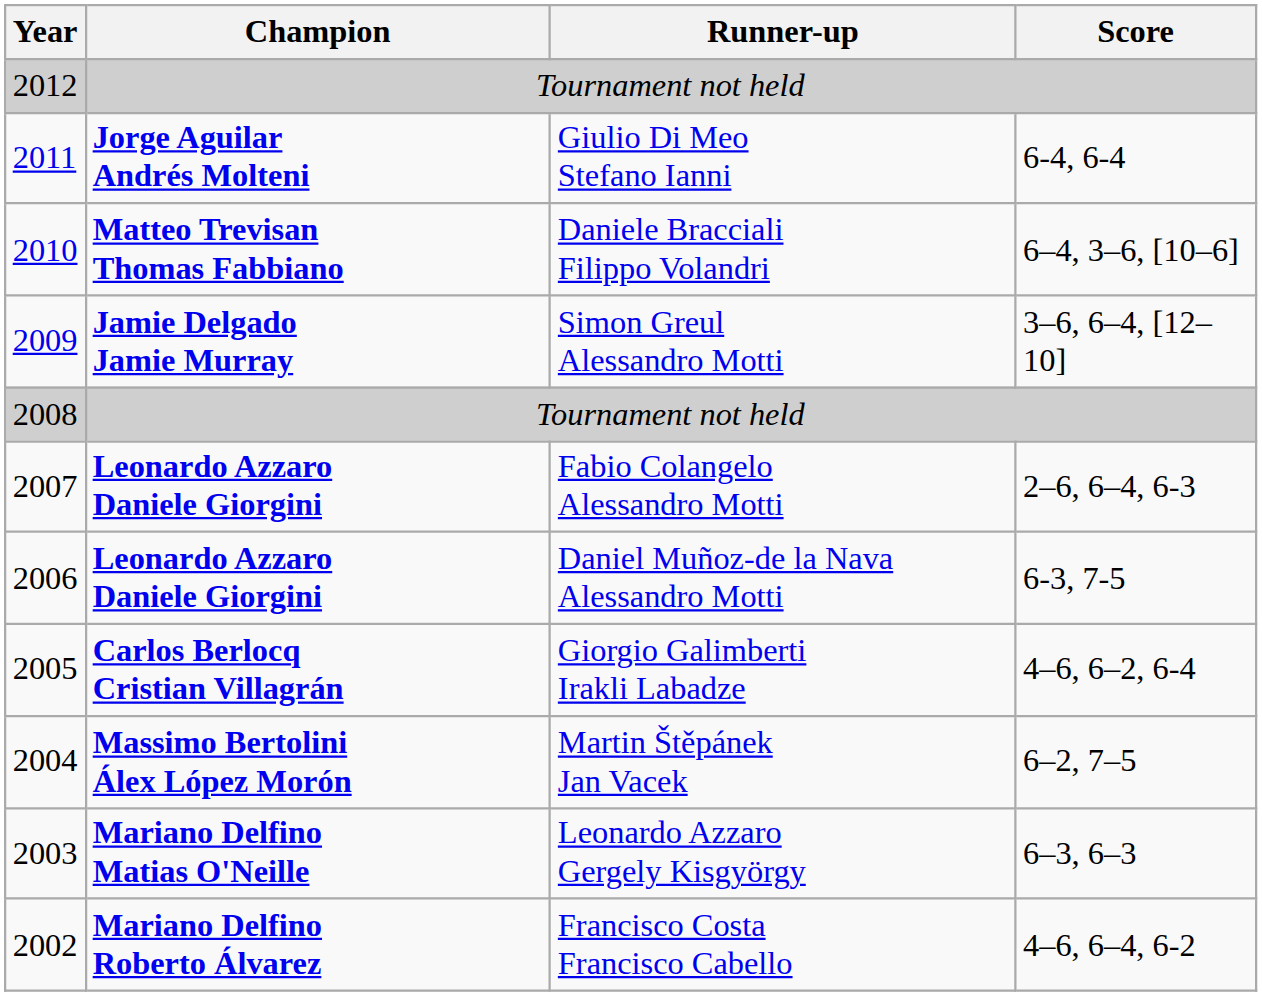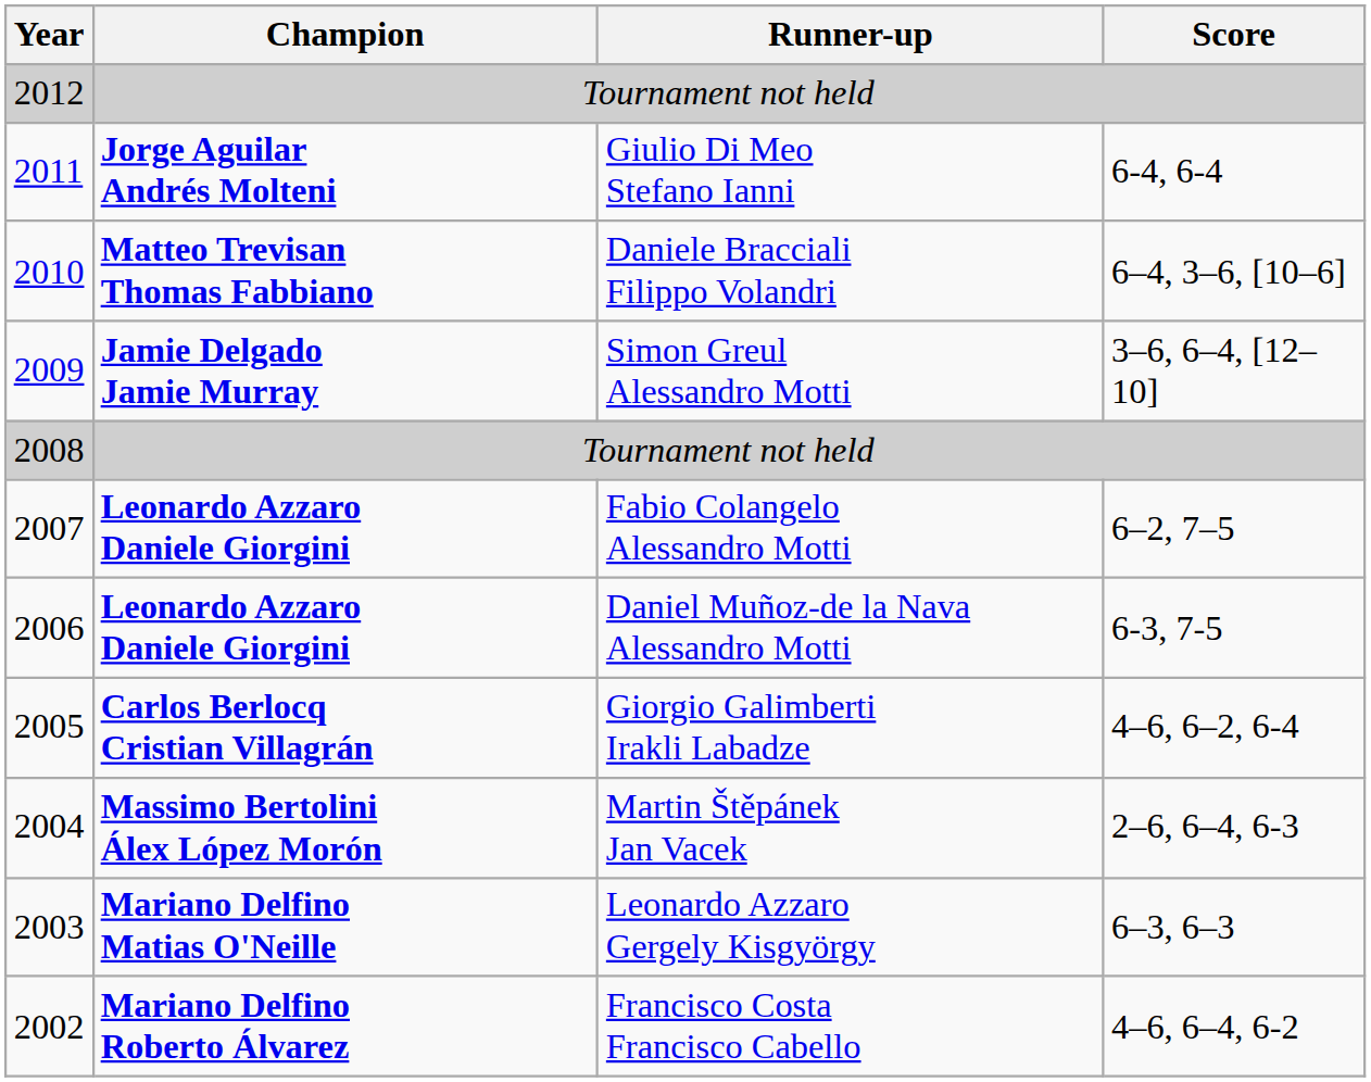 <table class="wikitable" style="font-size:90%">
 <tr>
 <th>Year</th>
 <th width="200">Champion</th>
 <th width="200">Runner-up</th>
 <th width="100">Score</th>
 </tr>
 <tr>
 <td style="background:#cfcfcf">2012</td>
 <td colspan=3 align=center style="background:#cfcfcf"><em>Tournament not held</em></td>
 </tr>
 <tr>
 <td><a href='#'>2011</a></td>
 <td> <strong><a href='#'>Jorge Aguilar</a></strong> <br>  <strong><a href='#'>Andrés Molteni</a></strong></td>
 <td> <a href='#'>Giulio Di Meo</a> <br>  <a href='#'>Stefano Ianni</a></td>
 <td>6-4, 6-4</td>
 </tr>
 <tr>
 <td><a href='#'>2010</a></td>
 <td> <strong><a href='#'>Matteo Trevisan</a></strong> <br>  <strong><a href='#'>Thomas Fabbiano</a></strong></td>
 <td> <a href='#'>Daniele Bracciali</a> <br>  <a href='#'>Filippo Volandri</a></td>
 <td>6–4, 3–6, [10–6]</td>
 </tr>
 <tr>
 <td><a href='#'>2009</a></td>
 <td> <strong><a href='#'>Jamie Delgado</a></strong> <br>  <strong><a href='#'>Jamie Murray</a></strong></td>
 <td> <a href='#'>Simon Greul</a> <br>  <a href='#'>Alessandro Motti</a></td>
 <td>3–6, 6–4, [12–10]</td>
 </tr>
 <tr>
 <td style="background:#cfcfcf">2008</td>
 <td colspan=3 align=center style="background:#cfcfcf"><em>Tournament not held</em></td>
 </tr>
 <tr>
 <td>2007</td>
 <td> <strong><a href='#'>Leonardo Azzaro</a></strong> <br>  <strong><a href='#'>Daniele Giorgini</a></strong></td>
 <td> <a href='#'>Fabio Colangelo</a> <br>  <a href='#'>Alessandro Motti</a></td>
-<td>2–6, 6–4, 6-3</td>
+<td>6–2, 7–5</td>
 </tr>
 <tr>
 <td>2006</td>
 <td> <strong><a href='#'>Leonardo Azzaro</a></strong> <br>  <strong><a href='#'>Daniele Giorgini</a></strong></td>
 <td> <a href='#'>Daniel Muñoz-de la Nava</a> <br>  <a href='#'>Alessandro Motti</a></td>
 <td>6-3, 7-5</td>
 </tr>
 <tr>
 <td>2005</td>
 <td> <strong><a href='#'>Carlos Berlocq</a></strong> <br>  <strong><a href='#'>Cristian Villagrán</a></strong></td>
 <td> <a href='#'>Giorgio Galimberti</a> <br>  <a href='#'>Irakli Labadze</a></td>
 <td>4–6, 6–2, 6-4</td>
 </tr>
 <tr>
 <td>2004</td>
 <td> <strong><a href='#'>Massimo Bertolini</a></strong> <br>  <strong><a href='#'>Álex López Morón</a></strong></td>
 <td> <a href='#'>Martin Štěpánek</a> <br>  <a href='#'>Jan Vacek</a></td>
-<td>6–2, 7–5</td>
+<td>2–6, 6–4, 6-3</td>
 </tr>
 <tr>
 <td>2003</td>
 <td> <strong><a href='#'>Mariano Delfino</a></strong> <br>  <strong><a href='#'>Matias O'Neille</a></strong></td>
 <td> <a href='#'>Leonardo Azzaro</a> <br>  <a href='#'>Gergely Kisgyörgy</a></td>
 <td>6–3, 6–3</td>
 </tr>
 <tr>
 <td>2002</td>
 <td> <strong><a href='#'>Mariano Delfino</a></strong> <br>  <strong><a href='#'>Roberto Álvarez</a></strong></td>
 <td> <a href='#'>Francisco Costa</a> <br>  <a href='#'>Francisco Cabello</a></td>
 <td>4–6, 6–4, 6-2</td>
 </tr>
 </table>
